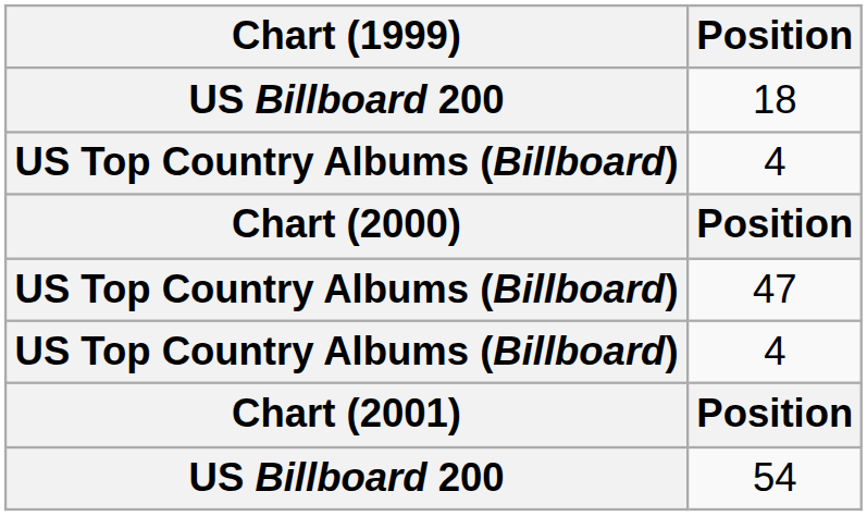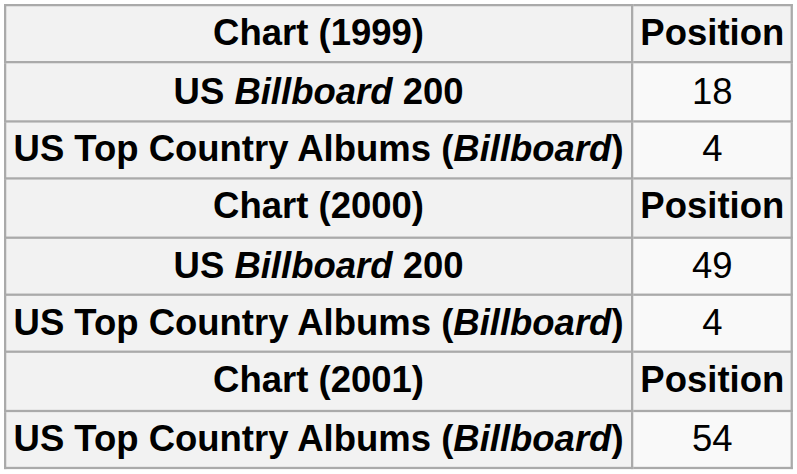 <table class="wikitable plainrowheaders" style="text-align:center">
 <tr>
 <th scope="col">Chart (1999)</th>
 <th scope="col">Position</th>
 </tr>
 <tr>
 <th scope="row">US <em>Billboard</em> 200</th>
 <td>18</td>
 </tr>
 <tr>
 <th scope="row">US Top Country Albums (<em>Billboard</em>)</th>
 <td>4</td>
 </tr>
 <tr>
 <th scope="col">Chart (2000)</th>
 <th scope="col">Position</th>
 </tr>
 <tr>
-<th scope="row">US Top Country Albums (<em>Billboard</em>)</th>
-<td>47</td>
+<th scope="row">US <em>Billboard</em> 200</th>
+<td>49</td>
 </tr>
 <tr>
 <th scope="row">US Top Country Albums (<em>Billboard</em>)</th>
 <td>4</td>
 </tr>
 <tr>
 <th scope="col">Chart (2001)</th>
 <th scope="col">Position</th>
 </tr>
 <tr>
-<th scope="row">US <em>Billboard</em> 200</th>
+<th scope="row">US Top Country Albums (<em>Billboard</em>)</th>
 <td>54</td>
 </tr>
 </table>
